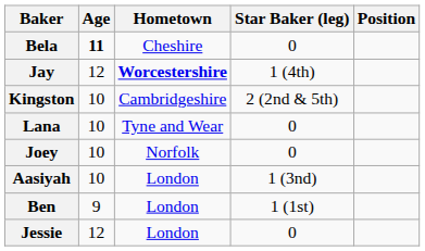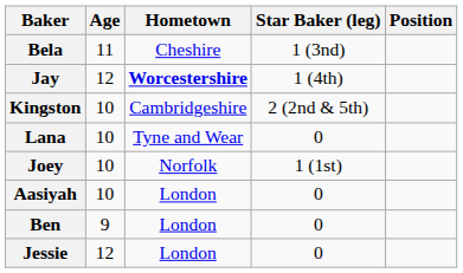 <table class="wikitable sortable" style="display:inline-table; text-align:center">
 <tr>
 <th scope="col">Baker</th>
 <th scope="col">Age</th>
 <th scope="col">Hometown</th>
 <th>Star Baker (leg)</th>
 <th>Position</th>
 </tr>
 <tr>
 <th scope="row">Bela</th>
-<td><strong>11</strong></td>
+<td>11</td>
 <td><a href='#'>Cheshire</a></td>
-<td>0</td>
+<td>1 (3nd)</td>
 <td></td>
 </tr>
 <tr>
 <th scope="row">Jay</th>
 <td>12</td>
 <td><strong><a href='#'>Worcestershire</a></strong></td>
 <td>1 (4th)</td>
 <td></td>
 </tr>
 <tr>
 <th scope="row">Kingston</th>
 <td>10</td>
 <td><a href='#'>Cambridgeshire</a></td>
 <td>2 (2nd & 5th)</td>
 <td></td>
 </tr>
 <tr>
 <th scope="row">Lana</th>
 <td>10</td>
 <td><a href='#'>Tyne and Wear</a></td>
 <td>0</td>
 <td></td>
 </tr>
 <tr>
 <th scope="row">Joey</th>
 <td>10</td>
 <td><a href='#'>Norfolk</a></td>
-<td>0</td>
+<td>1 (1st)</td>
 <td></td>
 </tr>
 <tr>
 <th scope="row">Aasiyah</th>
 <td>10</td>
 <td><a href='#'>London</a></td>
-<td>1 (3nd)</td>
+<td>0</td>
 <td></td>
 </tr>
 <tr>
 <th scope="row">Ben</th>
 <td>9</td>
 <td><a href='#'>London</a></td>
-<td>1 (1st)</td>
+<td>0</td>
 <td></td>
 </tr>
 <tr>
 <th>Jessie</th>
 <td>12</td>
 <td><a href='#'>London</a></td>
 <td>0</td>
 <td></td>
 </tr>
 </table>
